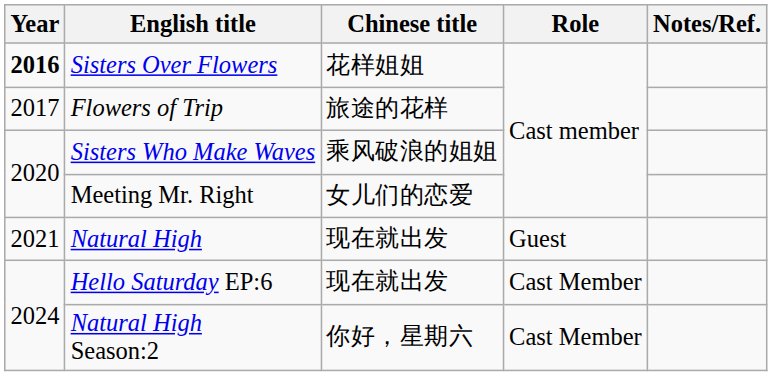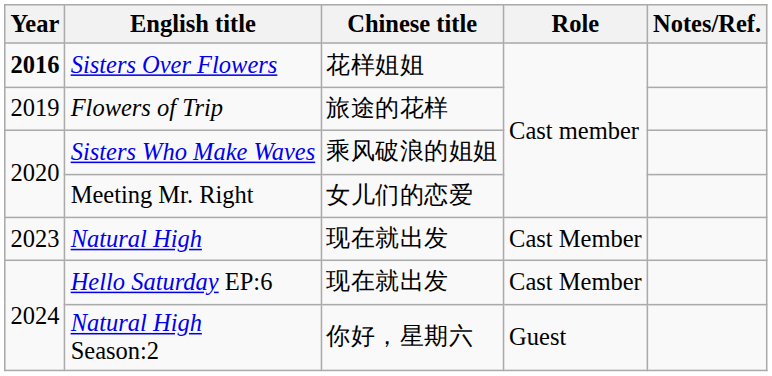 <table class="wikitable">
 <tr>
 <th width=10>Year</th>
 <th>English title</th>
 <th>Chinese title</th>
 <th>Role</th>
 <th>Notes/Ref.</th>
 </tr>
 <tr>
 <td><strong>2016</strong></td>
 <td><em><a href='#'>Sisters Over Flowers</a></em></td>
 <td>花样姐姐</td>
 <td rowspan="4">Cast member</td>
 <td></td>
 </tr>
 <tr>
-<td>2017</td>
+<td>2019</td>
 <td><em> Flowers of Trip</em></td>
 <td>旅途的花样</td>
 <td></td>
 </tr>
 <tr>
 <td rowspan="2">2020</td>
 <td><em><a href='#'>Sisters Who Make Waves</a></em></td>
 <td>乘风破浪的姐姐</td>
 <td></td>
 </tr>
 <tr>
 <td>Meeting Mr. Right</td>
 <td>女儿们的恋爱</td>
 <td></td>
 </tr>
 <tr>
-<td>2021</td>
+<td>2023</td>
 <td><em><a href='#'>Natural High</a></em></td>
 <td>现在就出发</td>
-<td>Guest</td>
+<td>Cast Member</td>
 <td></td>
 </tr>
 <tr>
 <td rowspan="2">2024</td>
 <td><em><a href='#'>Hello Saturday</a></em> EP:6</td>
 <td>现在就出发</td>
 <td>Cast Member</td>
 <td></td>
 </tr>
 <tr>
 <td><em><a href='#'>Natural High</a></em><br>Season:2</td>
 <td>你好，星期六</td>
-<td>Cast Member</td>
+<td>Guest</td>
 <td></td>
 </tr>
 </table>
